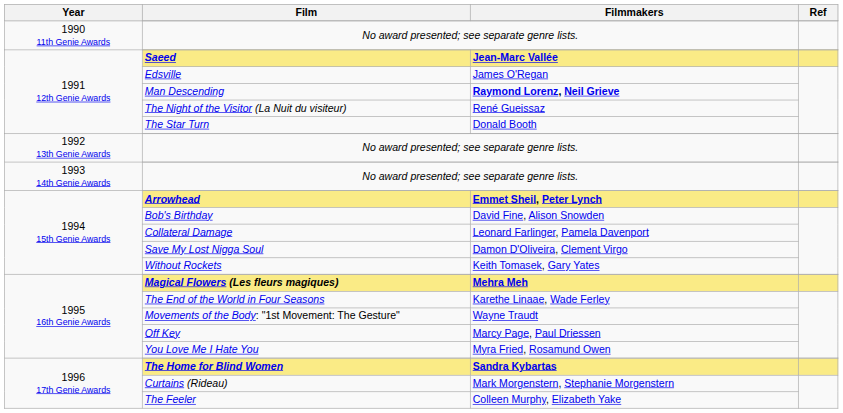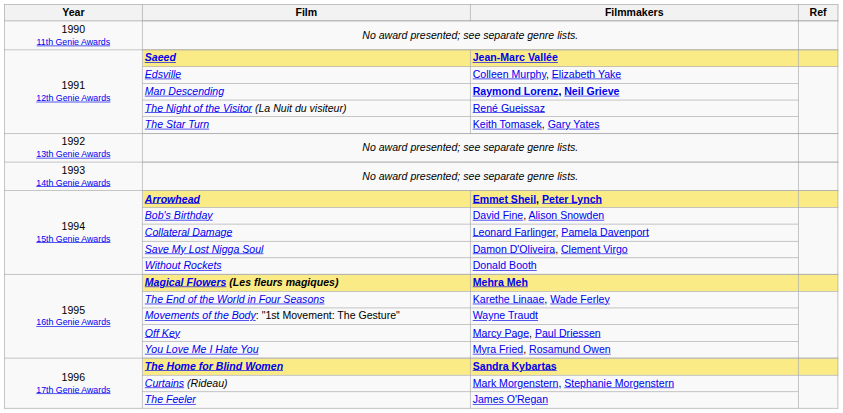 <table class="wikitable" style="width:100%;">
 <tr style="background:#bebebe;">
 <th style="width:8%;">Year</th>
 <th style="width:19%;">Film</th>
 <th style="width:19%;">Filmmakers</th>
 <th style="width:2%;">Ref</th>
 </tr>
 <tr>
 <td rowspan="2" align="center">1990 <br> <small><a href='#'>11th Genie Awards</a></small></td>
 </tr>
 <tr>
 <td colspan=2 align=center><em>No award presented; see separate genre lists.</em></td>
 <td></td>
 </tr>
 <tr>
 <td rowspan="6" align="center">1991 <br> <small><a href='#'>12th Genie Awards</a></small></td>
 </tr>
 <tr style="background:#FAEB86;">
 <td><strong><em><a href='#'>Saeed</a></em></strong></td>
 <td><strong><a href='#'>Jean-Marc Vallée</a></strong></td>
 <td></td>
 </tr>
 <tr>
 <td><em><a href='#'>Edsville</a></em></td>
-<td><a href='#'>James O'Regan</a></td>
+<td><a href='#'>Colleen Murphy</a>, <a href='#'>Elizabeth Yake</a></td>
 <td rowspan=4></td>
 </tr>
 <tr>
 <td><em><a href='#'>Man Descending</a></em></td>
 <td><strong><a href='#'>Raymond Lorenz</a>, <a href='#'>Neil Grieve</a></strong></td>
 </tr>
 <tr>
 <td><em><a href='#'>The Night of the Visitor</a> (La Nuit du visiteur)</em></td>
 <td><a href='#'>René Gueissaz</a></td>
 </tr>
 <tr>
 <td><em><a href='#'>The Star Turn</a></em></td>
-<td><a href='#'>Donald Booth</a></td>
+<td><a href='#'>Keith Tomasek</a>, <a href='#'>Gary Yates</a></td>
 </tr>
 <tr>
 <td rowspan="2" align="center">1992 <br> <small><a href='#'>13th Genie Awards</a></small></td>
 </tr>
 <tr>
 <td colspan=2 align=center><em>No award presented; see separate genre lists.</em></td>
 <td></td>
 </tr>
 <tr>
 <td rowspan="2" align="center">1993 <br> <small><a href='#'>14th Genie Awards</a></small></td>
 </tr>
 <tr>
 <td colspan=2 align=center><em>No award presented; see separate genre lists.</em></td>
 <td></td>
 </tr>
 <tr>
 <td rowspan="6" align="center">1994 <br> <small><a href='#'>15th Genie Awards</a></small></td>
 </tr>
 <tr style="background:#FAEB86;">
 <td><strong><em><a href='#'>Arrowhead</a></em></strong></td>
 <td><strong><a href='#'>Emmet Sheil</a>, <a href='#'>Peter Lynch</a></strong></td>
 <td></td>
 </tr>
 <tr>
 <td><em><a href='#'>Bob's Birthday</a></em></td>
 <td><a href='#'>David Fine</a>, <a href='#'>Alison Snowden</a></td>
 <td rowspan=4></td>
 </tr>
 <tr>
 <td><em><a href='#'>Collateral Damage</a></em></td>
 <td><a href='#'>Leonard Farlinger</a>, <a href='#'>Pamela Davenport</a></td>
 </tr>
 <tr>
 <td><em><a href='#'>Save My Lost Nigga Soul</a></em></td>
 <td><a href='#'>Damon D'Oliveira</a>, <a href='#'>Clement Virgo</a></td>
 </tr>
 <tr>
 <td><em><a href='#'>Without Rockets</a></em></td>
-<td><a href='#'>Keith Tomasek</a>, <a href='#'>Gary Yates</a></td>
+<td><a href='#'>Donald Booth</a></td>
 </tr>
 <tr>
 <td rowspan="6" align="center">1995 <br> <small><a href='#'>16th Genie Awards</a></small></td>
 </tr>
 <tr style="background:#FAEB86;">
 <td><strong><em><a href='#'>Magical Flowers</a> (Les fleurs magiques)</em></strong></td>
 <td><strong><a href='#'>Mehra Meh</a></strong></td>
 <td></td>
 </tr>
 <tr>
 <td><em><a href='#'>The End of the World in Four Seasons</a></em></td>
 <td><a href='#'>Karethe Linaae</a>, <a href='#'>Wade Ferley</a></td>
 <td rowspan=4></td>
 </tr>
 <tr>
 <td><em><a href='#'>Movements of the Body</a></em>: "1st Movement: The Gesture"</td>
 <td><a href='#'>Wayne Traudt</a></td>
 </tr>
 <tr>
 <td><em><a href='#'>Off Key</a></em></td>
 <td><a href='#'>Marcy Page</a>, <a href='#'>Paul Driessen</a></td>
 </tr>
 <tr>
 <td><em><a href='#'>You Love Me I Hate You</a></em></td>
 <td><a href='#'>Myra Fried</a>, <a href='#'>Rosamund Owen</a></td>
 </tr>
 <tr>
 <td rowspan="4" align="center">1996 <br> <small><a href='#'>17th Genie Awards</a></small></td>
 </tr>
 <tr style="background:#FAEB86;">
 <td><strong><em><a href='#'>The Home for Blind Women</a></em></strong></td>
 <td><strong><a href='#'>Sandra Kybartas</a></strong></td>
 <td></td>
 </tr>
 <tr>
 <td><em><a href='#'>Curtains</a> (Rideau)</em></td>
 <td><a href='#'>Mark Morgenstern</a>, <a href='#'>Stephanie Morgenstern</a></td>
 <td rowspan=2></td>
 </tr>
 <tr>
 <td><em><a href='#'>The Feeler</a></em></td>
-<td><a href='#'>Colleen Murphy</a>, <a href='#'>Elizabeth Yake</a></td>
+<td><a href='#'>James O'Regan</a></td>
 </tr>
 </table>
